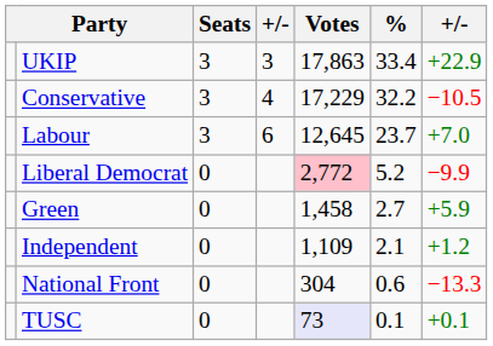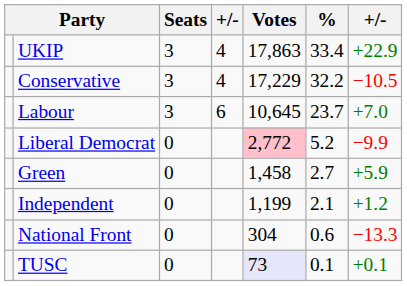 <table class="wikitable">
 <tr>
 <th colspan="2">Party</th>
 <th>Seats</th>
 <th>+/-</th>
 <th>Votes</th>
 <th>%</th>
 <th>+/-</th>
 </tr>
 <tr>
 <td style="background-color: "></td>
 <td><a href='#'>UKIP</a></td>
 <td>3</td>
-<td> 3</td>
+<td> 4</td>
 <td>17,863</td>
 <td>33.4</td>
 <td style="color:green">+22.9</td>
 </tr>
 <tr>
 <td style="background-color: "></td>
 <td><a href='#'>Conservative</a></td>
 <td>3</td>
 <td> 4</td>
 <td>17,229</td>
 <td>32.2</td>
 <td style="color:red">−10.5</td>
 </tr>
 <tr>
 <td style="background-color: "></td>
 <td><a href='#'>Labour</a></td>
 <td>3</td>
 <td> 6</td>
-<td>12,645</td>
+<td>10,645</td>
 <td>23.7</td>
 <td style="color:green">+7.0</td>
 </tr>
 <tr>
 <td style="background-color: "></td>
 <td><a href='#'>Liberal Democrat</a></td>
 <td>0</td>
 <td></td>
 <td style="background: pink;">2,772</td>
 <td>5.2</td>
 <td style="color:red">−9.9</td>
 </tr>
 <tr>
 <td style="background-color: "></td>
 <td><a href='#'>Green</a></td>
 <td>0</td>
 <td></td>
 <td>1,458</td>
 <td>2.7</td>
 <td style="color:green">+5.9</td>
 </tr>
 <tr>
 <td style="background-color: "></td>
 <td><a href='#'>Independent</a></td>
 <td>0</td>
 <td></td>
-<td>1,109</td>
+<td>1,199</td>
 <td>2.1</td>
 <td style="color:green">+1.2</td>
 </tr>
 <tr>
 <td style="background-color: "></td>
 <td><a href='#'>National Front</a></td>
 <td>0</td>
 <td></td>
 <td>304</td>
 <td>0.6</td>
 <td style="color:red">−13.3</td>
 </tr>
 <tr>
 <td style="background-color: "></td>
 <td><a href='#'>TUSC</a></td>
 <td>0</td>
 <td></td>
 <td style="background: lavender;">73</td>
 <td>0.1</td>
 <td style="color:green">+0.1</td>
 </tr>
 </table>
